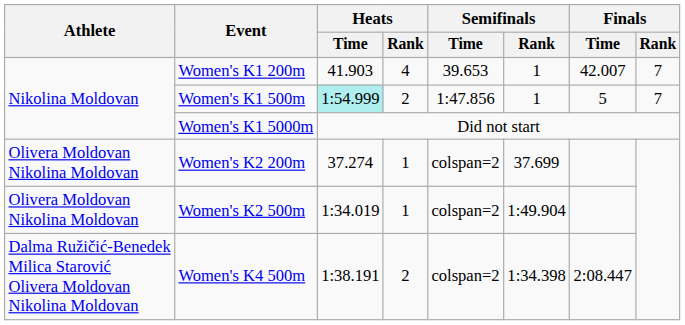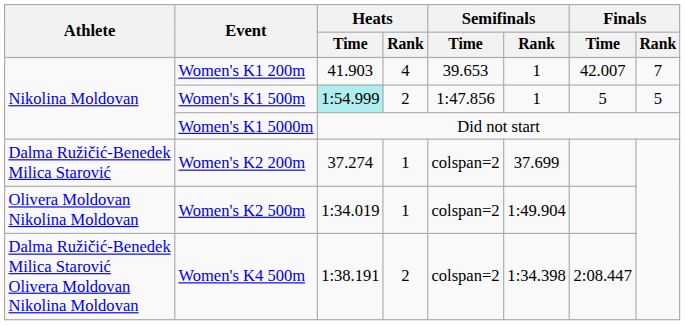 <table class="wikitable" style="font-size:90%">
 <tr>
 <th rowspan="2">Athlete</th>
 <th rowspan="2">Event</th>
 <th colspan=2>Heats</th>
 <th colspan=2>Semifinals</th>
 <th colspan=2>Finals</th>
 </tr>
 <tr style="font-size:95%">
 <th>Time</th>
 <th>Rank</th>
 <th>Time</th>
 <th>Rank</th>
 <th>Time</th>
 <th>Rank</th>
 </tr>
 <tr align=center>
 <td align=left rowspan=3><a href='#'>Nikolina Moldovan</a></td>
 <td align=left><a href='#'>Women's K1 200m</a></td>
 <td>41.903</td>
 <td>4</td>
 <td>39.653</td>
 <td>1</td>
 <td>42.007</td>
 <td>7</td>
 </tr>
 <tr align=center>
 <td align=left><a href='#'>Women's K1 500m</a></td>
 <td style="background: paleturquoise;">1:54.999</td>
 <td>2</td>
 <td>1:47.856</td>
 <td>1</td>
 <td>5</td>
-<td>7</td>
+<td>5</td>
 </tr>
 <tr align=center>
 <td align=left><a href='#'>Women's K1 5000m</a></td>
 <td colspan=6 align=center>Did not start</td>
 </tr>
 <tr align=center>
-<td align=left><a href='#'>Olivera Moldovan</a><br><a href='#'>Nikolina Moldovan</a></td>
+<td align=left><a href='#'>Dalma Ružičić-Benedek</a><br><a href='#'>Milica Starović</a></td>
 <td align=left><a href='#'>Women's K2 200m</a></td>
 <td>37.274</td>
 <td>1</td>
 <td>colspan=2 </td>
 <td>37.699</td>
 <td></td>
 </tr>
 <tr align=center>
 <td align=left><a href='#'>Olivera Moldovan</a><br><a href='#'>Nikolina Moldovan</a></td>
 <td align=left><a href='#'>Women's K2 500m</a></td>
 <td>1:34.019</td>
 <td>1</td>
 <td>colspan=2 </td>
 <td>1:49.904</td>
 <td></td>
 </tr>
 <tr align=center>
 <td align=left><a href='#'>Dalma Ružičić-Benedek</a><br><a href='#'>Milica Starović</a><br><a href='#'>Olivera Moldovan</a><br><a href='#'>Nikolina Moldovan</a></td>
 <td align=left><a href='#'>Women's K4 500m</a></td>
 <td>1:38.191</td>
 <td>2</td>
 <td>colspan=2 </td>
 <td>1:34.398</td>
 <td>2:08.447</td>
 </tr>
 </table>
